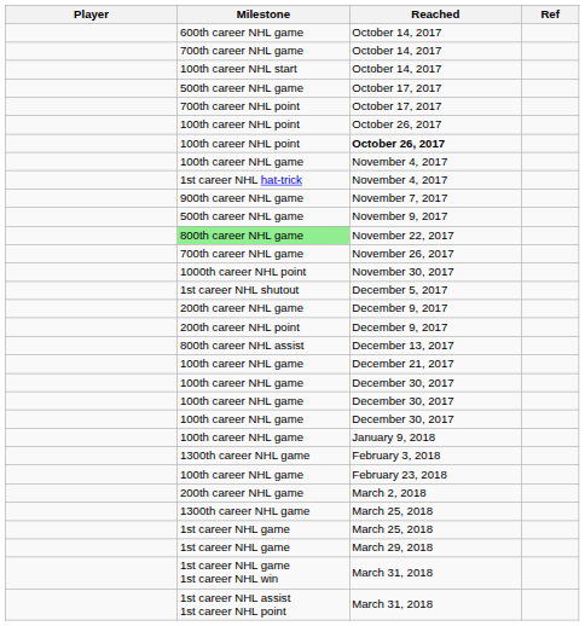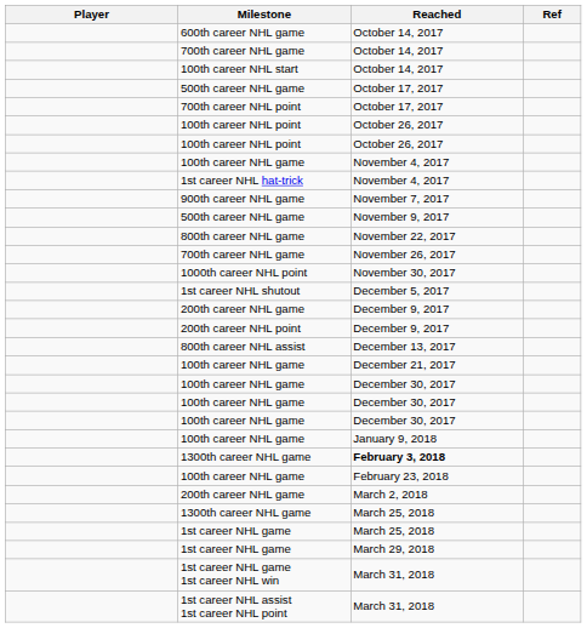 <table class="wikitable sortable" style="width:50%;">
 <tr align=center>
 <th style="width:30%;">Player</th>
 <th style="width:30%;">Milestone</th>
 <th style="width:30%;" data-sort-type="date">Reached</th>
 <th style="width:10%;">Ref</th>
 </tr>
 <tr>
 <td></td>
 <td>600th career NHL game</td>
 <td>October 14, 2017</td>
 <td></td>
 </tr>
 <tr>
 <td></td>
 <td>700th career NHL game</td>
 <td>October 14, 2017</td>
 <td></td>
 </tr>
 <tr>
 <td></td>
 <td>100th career NHL start</td>
 <td>October 14, 2017</td>
 <td></td>
 </tr>
 <tr>
 <td></td>
 <td>500th career NHL game</td>
 <td>October 17, 2017</td>
 <td></td>
 </tr>
 <tr>
 <td></td>
 <td>700th career NHL point</td>
 <td>October 17, 2017</td>
 <td></td>
 </tr>
 <tr>
 <td></td>
 <td>100th career NHL point</td>
 <td>October 26, 2017</td>
 <td></td>
 </tr>
 <tr>
 <td></td>
 <td>100th career NHL point</td>
-<td><strong>October 26, 2017</strong></td>
+<td>October 26, 2017</td>
 <td></td>
 </tr>
 <tr>
 <td></td>
 <td>100th career NHL game</td>
 <td>November 4, 2017</td>
 <td></td>
 </tr>
 <tr>
 <td></td>
 <td>1st career NHL <a href='#'>hat-trick</a></td>
 <td>November 4, 2017</td>
 <td></td>
 </tr>
 <tr>
 <td></td>
 <td>900th career NHL game</td>
 <td>November 7, 2017</td>
 <td></td>
 </tr>
 <tr>
 <td></td>
 <td>500th career NHL game</td>
 <td>November 9, 2017</td>
 <td></td>
 </tr>
 <tr>
 <td></td>
-<td style="background: lightgreen;">800th career NHL game</td>
+<td>800th career NHL game</td>
 <td>November 22, 2017</td>
 <td></td>
 </tr>
 <tr>
 <td></td>
 <td>700th career NHL game</td>
 <td>November 26, 2017</td>
 <td></td>
 </tr>
 <tr>
 <td></td>
 <td>1000th career NHL point</td>
 <td>November 30, 2017</td>
 <td></td>
 </tr>
 <tr>
 <td></td>
 <td>1st career NHL shutout</td>
 <td>December 5, 2017</td>
 <td></td>
 </tr>
 <tr>
 <td></td>
 <td>200th career NHL game</td>
 <td>December 9, 2017</td>
 <td></td>
 </tr>
 <tr>
 <td></td>
 <td>200th career NHL point</td>
 <td>December 9, 2017</td>
 <td></td>
 </tr>
 <tr>
 <td></td>
 <td>800th career NHL assist</td>
 <td>December 13, 2017</td>
 <td></td>
 </tr>
 <tr>
 <td></td>
 <td>100th career NHL game</td>
 <td>December 21, 2017</td>
 <td></td>
 </tr>
 <tr>
 <td></td>
 <td>100th career NHL game</td>
 <td>December 30, 2017</td>
 <td></td>
 </tr>
 <tr>
 <td></td>
 <td>100th career NHL game</td>
 <td>December 30, 2017</td>
 <td></td>
 </tr>
 <tr>
 <td></td>
 <td>100th career NHL game</td>
 <td>December 30, 2017</td>
 <td></td>
 </tr>
 <tr>
 <td></td>
 <td>100th career NHL game</td>
 <td>January 9, 2018</td>
 <td></td>
 </tr>
 <tr>
 <td></td>
 <td>1300th career NHL game</td>
-<td>February 3, 2018</td>
+<td><strong>February 3, 2018</strong></td>
 <td></td>
 </tr>
 <tr>
 <td></td>
 <td>100th career NHL game</td>
 <td>February 23, 2018</td>
 <td></td>
 </tr>
 <tr>
 <td></td>
 <td>200th career NHL game</td>
 <td>March 2, 2018</td>
 <td></td>
 </tr>
 <tr>
 <td></td>
 <td>1300th career NHL game</td>
 <td>March 25, 2018</td>
 <td></td>
 </tr>
 <tr>
 <td></td>
 <td>1st career NHL game</td>
 <td>March 25, 2018</td>
 <td></td>
 </tr>
 <tr>
 <td></td>
 <td>1st career NHL game</td>
 <td>March 29, 2018</td>
 <td></td>
 </tr>
 <tr>
 <td></td>
 <td>1st career NHL game<br>1st career NHL win</td>
 <td>March 31, 2018</td>
 <td></td>
 </tr>
 <tr>
 <td></td>
 <td>1st career NHL assist<br>1st career NHL point</td>
 <td>March 31, 2018</td>
 <td></td>
 </tr>
 </table>
